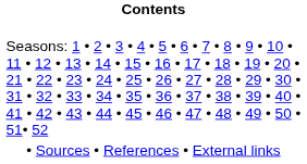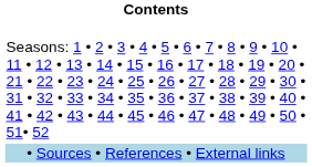 <table id="toc" class="toc" summary="Contents" >
 <tr>
 <td style="text-align: center;"><strong>Contents</strong></td>
 </tr>
 <tr>
 <td><br>Seasons:  <a href='#'>1</a> • <a href='#'>2</a> • <a href='#'>3</a> • <a href='#'>4</a> • <a href='#'>5</a> • <a href='#'>6</a> • <a href='#'>7</a> • <a href='#'>8</a> • <a href='#'>9</a> • <a href='#'>10</a> •<br> <a href='#'>11</a> • <a href='#'>12</a> • <a href='#'>13</a> • <a href='#'>14</a> • <a href='#'>15</a> • <a href='#'>16</a> • <a href='#'>17</a> • <a href='#'>18</a> • <a href='#'>19</a> • <a href='#'>20</a> •<br> <a href='#'>21</a> • <a href='#'>22</a> • <a href='#'>23</a> • <a href='#'>24</a> • <a href='#'>25</a> • <a href='#'>26</a> • <a href='#'>27</a> • <a href='#'>28</a> • <a href='#'>29</a> • <a href='#'>30</a> •<br> <a href='#'>31</a> • <a href='#'>32</a> • <a href='#'>33</a> • <a href='#'>34</a> • <a href='#'>35</a> • <a href='#'>36</a> • <a href='#'>37</a> • <a href='#'>38</a> • <a href='#'>39</a> • <a href='#'>40</a> •<br> <a href='#'>41</a> • <a href='#'>42</a> • <a href='#'>43</a> • <a href='#'>44</a> • <a href='#'>45</a> • <a href='#'>46</a> • <a href='#'>47</a> • <a href='#'>48</a> • <a href='#'>49</a> • <a href='#'>50</a> •<br> <a href='#'>51</a>• <a href='#'>52</a></td>
 </tr>
 <tr>
-<td style="text-align: center;">• <a href='#'>Sources</a> • <a href='#'>References</a> • <a href='#'>External links</a></td>
+<td style="background: lightblue; text-align: center;">• <a href='#'>Sources</a> • <a href='#'>References</a> • <a href='#'>External links</a></td>
 </tr>
 </table>
